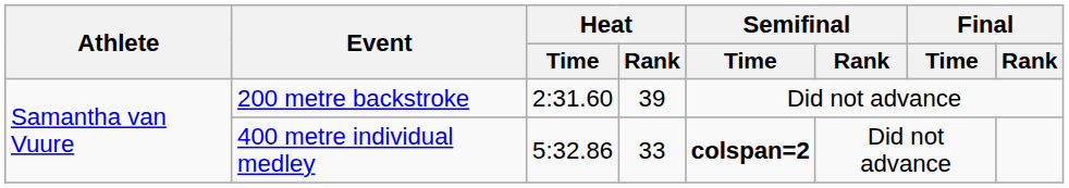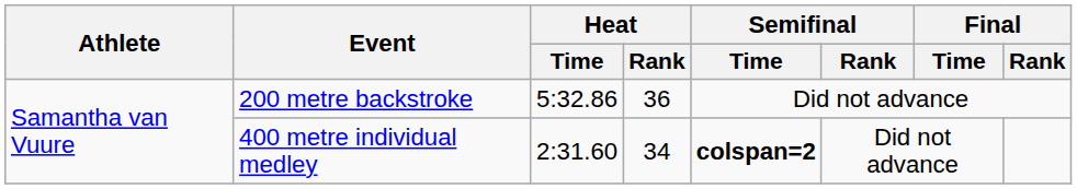 <table class="wikitable" style="text-align:center; font-size:90%; width:50%;">
 <tr>
 <th rowspan="2">Athlete</th>
 <th rowspan="2">Event</th>
 <th colspan="2">Heat</th>
 <th colspan="2">Semifinal</th>
 <th colspan="2">Final</th>
 </tr>
 <tr style="font-size:95%">
 <th>Time</th>
 <th>Rank</th>
 <th>Time</th>
 <th>Rank</th>
 <th>Time</th>
 <th>Rank</th>
 </tr>
 <tr>
 <td align=left rowspan=2><a href='#'>Samantha van Vuure</a></td>
 <td align=left><a href='#'>200 metre backstroke</a></td>
-<td>2:31.60</td>
-<td>39</td>
+<td>5:32.86</td>
+<td>36</td>
 <td colspan=4>Did not advance</td>
 </tr>
 <tr>
 <td align=left><a href='#'>400 metre individual medley</a></td>
-<td>5:32.86</td>
-<td>33</td>
+<td>2:31.60</td>
+<td>34</td>
 <td><strong>colspan=2 </strong></td>
 <td colspan=2>Did not advance</td>
 </tr>
 </table>
